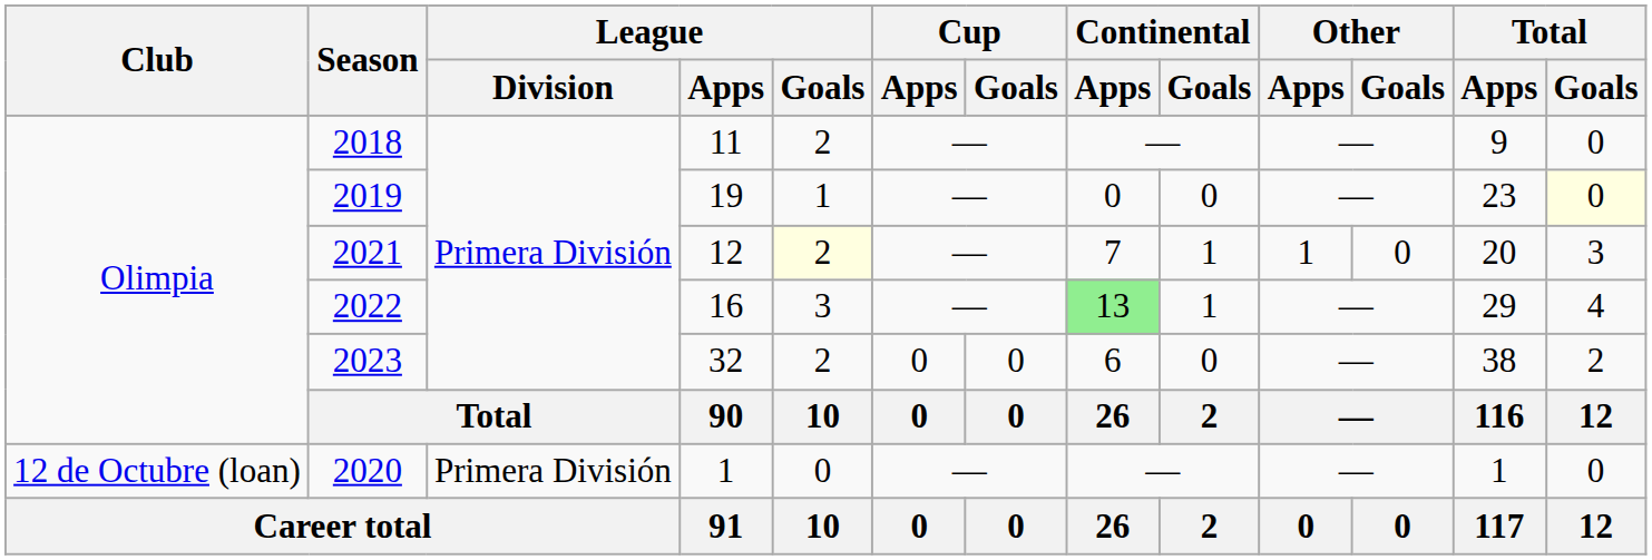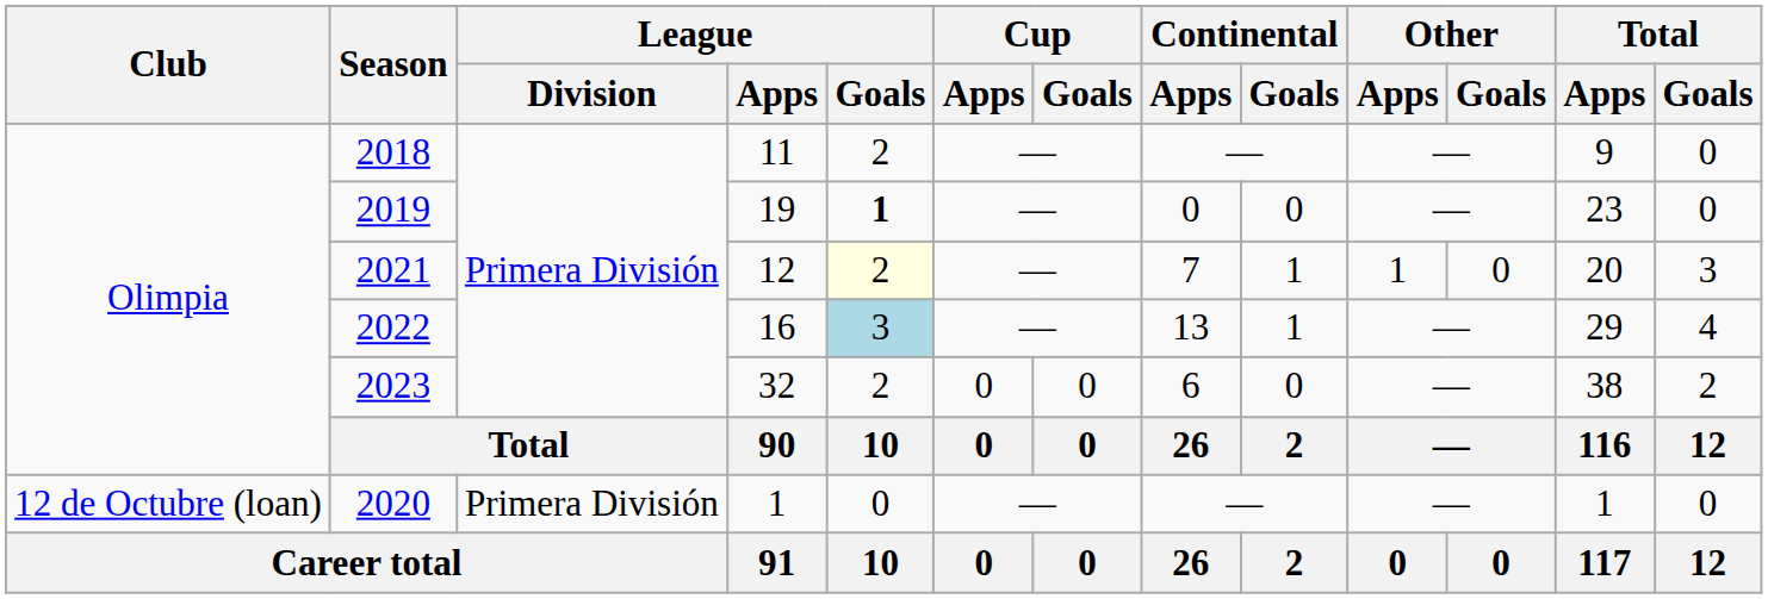 <table class="wikitable" style="text-align: center;">
 <tr>
 <th rowspan="2">Club</th>
 <th rowspan="2">Season</th>
 <th colspan="3">League</th>
 <th colspan="2">Cup</th>
 <th colspan="2">Continental</th>
 <th colspan="2">Other</th>
 <th colspan="2">Total</th>
 </tr>
 <tr>
 <th>Division</th>
 <th>Apps</th>
 <th>Goals</th>
 <th>Apps</th>
 <th>Goals</th>
 <th>Apps</th>
 <th>Goals</th>
 <th>Apps</th>
 <th>Goals</th>
 <th>Apps</th>
 <th>Goals</th>
 </tr>
 <tr>
 <td rowspan="6"><a href='#'>Olimpia</a></td>
 <td><a href='#'>2018</a></td>
 <td rowspan="5"><a href='#'>Primera División</a></td>
 <td>11</td>
 <td>2</td>
 <td colspan="2">—</td>
 <td colspan="2">—</td>
 <td colspan="2">—</td>
 <td>9</td>
 <td>0</td>
 </tr>
 <tr>
 <td><a href='#'>2019</a></td>
 <td>19</td>
-<td>1</td>
+<td><strong>1</strong></td>
 <td colspan="2">—</td>
 <td>0</td>
 <td>0</td>
 <td colspan="2">—</td>
 <td>23</td>
-<td style="background: lightyellow;">0</td>
+<td>0</td>
 </tr>
 <tr>
 <td><a href='#'>2021</a></td>
 <td>12</td>
 <td style="background: lightyellow;">2</td>
 <td colspan="2">—</td>
 <td>7</td>
 <td>1</td>
 <td>1</td>
 <td>0</td>
 <td>20</td>
 <td>3</td>
 </tr>
 <tr>
 <td><a href='#'>2022</a></td>
 <td>16</td>
-<td>3</td>
+<td style="background: lightblue;">3</td>
 <td colspan="2">—</td>
-<td style="background: lightgreen;">13</td>
+<td>13</td>
 <td>1</td>
 <td colspan="2">—</td>
 <td>29</td>
 <td>4</td>
 </tr>
 <tr>
 <td><a href='#'>2023</a></td>
 <td>32</td>
 <td>2</td>
 <td>0</td>
 <td>0</td>
 <td>6</td>
 <td>0</td>
 <td colspan="2">—</td>
 <td>38</td>
 <td>2</td>
 </tr>
 <tr>
 <th colspan="2">Total</th>
 <th>90</th>
 <th>10</th>
 <th>0</th>
 <th>0</th>
 <th>26</th>
 <th>2</th>
 <th colspan="2">—</th>
 <th>116</th>
 <th>12</th>
 </tr>
 <tr>
 <td><a href='#'>12 de Octubre</a> (loan)</td>
 <td><a href='#'>2020</a></td>
 <td>Primera División</td>
 <td>1</td>
 <td>0</td>
 <td colspan="2">—</td>
 <td colspan="2">—</td>
 <td colspan="2">—</td>
 <td>1</td>
 <td>0</td>
 </tr>
 <tr>
 <th colspan="3">Career total</th>
 <th>91</th>
 <th>10</th>
 <th>0</th>
 <th>0</th>
 <th>26</th>
 <th>2</th>
 <th>0</th>
 <th>0</th>
 <th>117</th>
 <th>12</th>
 </tr>
 </table>
